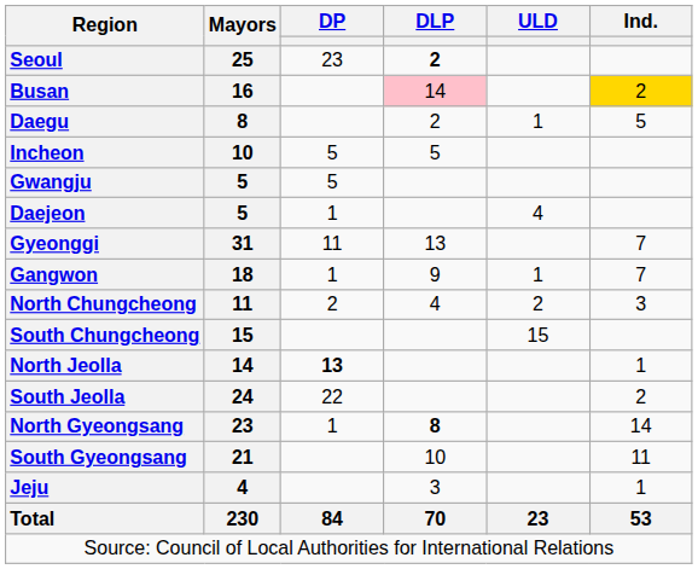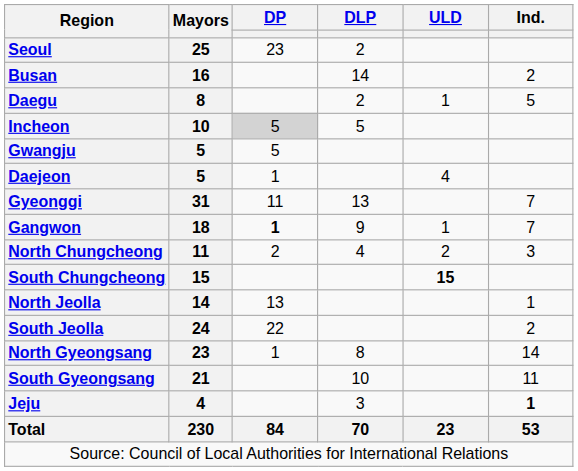 <table class="wikitable" style="text-align:center; font-size: 0.9em;">
 <tr>
 <th rowspan="2">Region</th>
 <th rowspan="2">Mayors</th>
 <th class="unsortable" style="width:70px;"><a href='#'>DP</a></th>
 <th class="unsortable" style="width:70px;"><a href='#'>DLP</a></th>
 <th class="unsortable" style="width:70px;"><a href='#'>ULD</a></th>
 <th class="unsortable" style="width:70px;">Ind.</th>
 </tr>
 <tr>
 <th style="background:"></th>
 <th style="background:"></th>
 <th style="background:"></th>
 <th style="background:"></th>
 </tr>
 <tr>
 <th style="text-align: left;"><a href='#'>Seoul</a></th>
 <th>25</th>
 <td>23</td>
-<td><strong>2</strong></td>
+<td>2</td>
 <td></td>
 <td></td>
 </tr>
 <tr>
 <th style="text-align: left;"><a href='#'>Busan</a></th>
 <th>16</th>
 <td></td>
-<td style="background: pink;">14</td>
+<td>14</td>
 <td></td>
-<td style="background: gold;">2</td>
+<td>2</td>
 </tr>
 <tr>
 <th style="text-align: left;"><a href='#'>Daegu</a></th>
 <th>8</th>
 <td></td>
 <td>2</td>
 <td>1</td>
 <td>5</td>
 </tr>
 <tr>
 <th style="text-align: left;"><a href='#'>Incheon</a></th>
 <th>10</th>
-<td>5</td>
+<td style="background: lightgrey;">5</td>
 <td>5</td>
 <td></td>
 <td></td>
 </tr>
 <tr>
 <th style="text-align: left;"><a href='#'>Gwangju</a></th>
 <th>5</th>
 <td>5</td>
 <td></td>
 <td></td>
 <td></td>
 </tr>
 <tr>
 <th style="text-align: left;"><a href='#'>Daejeon</a></th>
 <th>5</th>
 <td>1</td>
 <td></td>
 <td>4</td>
 <td></td>
 </tr>
 <tr>
 <th style="text-align: left;"><a href='#'>Gyeonggi</a></th>
 <th>31</th>
 <td>11</td>
 <td>13</td>
 <td></td>
 <td>7</td>
 </tr>
 <tr>
 <th style="text-align: left;"><a href='#'>Gangwon</a></th>
 <th>18</th>
-<td>1</td>
+<td><strong>1</strong></td>
 <td>9</td>
 <td>1</td>
 <td>7</td>
 </tr>
 <tr>
 <th style="text-align: left;"><a href='#'>North Chungcheong</a></th>
 <th>11</th>
 <td>2</td>
 <td>4</td>
 <td>2</td>
 <td>3</td>
 </tr>
 <tr>
 <th style="text-align: left;"><a href='#'>South Chungcheong</a></th>
 <th>15</th>
 <td></td>
 <td></td>
-<td>15</td>
+<td><strong>15</strong></td>
 <td></td>
 </tr>
 <tr>
 <th style="text-align: left;"><a href='#'>North Jeolla</a></th>
 <th>14</th>
-<td><strong>13</strong></td>
+<td>13</td>
 <td></td>
 <td></td>
 <td>1</td>
 </tr>
 <tr>
 <th style="text-align: left;"><a href='#'>South Jeolla</a></th>
 <th>24</th>
 <td>22</td>
 <td></td>
 <td></td>
 <td>2</td>
 </tr>
 <tr>
 <th style="text-align: left;"><a href='#'>North Gyeongsang</a></th>
 <th>23</th>
 <td>1</td>
-<td><strong>8</strong></td>
+<td>8</td>
 <td></td>
 <td>14</td>
 </tr>
 <tr>
 <th style="text-align: left;"><a href='#'>South Gyeongsang</a></th>
 <th>21</th>
 <td></td>
 <td>10</td>
 <td></td>
 <td>11</td>
 </tr>
 <tr>
 <th style="text-align: left;"><a href='#'>Jeju</a></th>
 <th>4</th>
 <td></td>
 <td>3</td>
 <td></td>
-<td>1</td>
+<td><strong>1</strong></td>
 </tr>
 <tr class="sortbottom">
 <th style="text-align: left;">Total</th>
 <th>230</th>
 <th>84</th>
 <th>70</th>
 <th>23</th>
 <th>53</th>
 </tr>
 <tr>
 <td colspan="6">Source: Council of Local Authorities for International Relations</td>
 </tr>
 </table>
